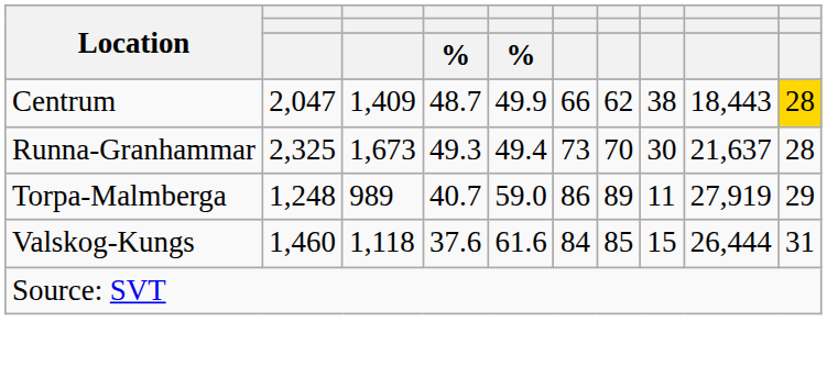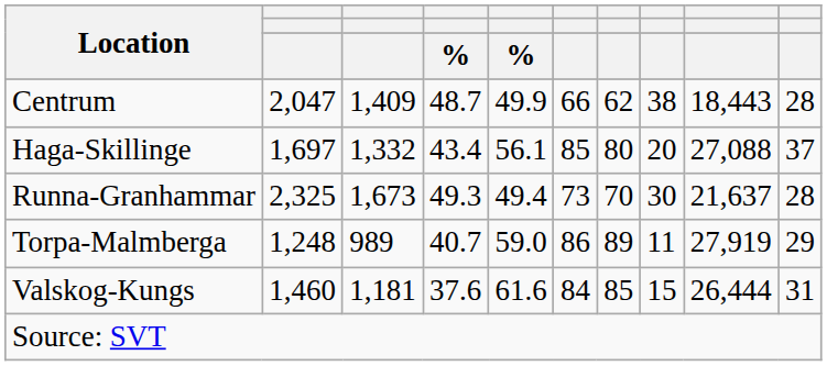 <table role="presentation" class="wikitable sortable mw-collapsible">
 <tr>
 <th rowspan="3">Location</th>
 <th></th>
 <th></th>
 <th></th>
 <th></th>
 <th></th>
 <th></th>
 <th></th>
 <th></th>
 <th></th>
 </tr>
 <tr>
 <th></th>
 <th></th>
 <th style="background:"></th>
 <th style="background:"></th>
 <th></th>
 <th></th>
 <th></th>
 <th></th>
 <th></th>
 </tr>
 <tr>
 <th data-sort-type="number"></th>
 <th data-sort-type="number"></th>
 <th data-sort-type="number">%</th>
 <th data-sort-type="number">%</th>
 <th data-sort-type="number"></th>
 <th data-sort-type="number"></th>
 <th data-sort-type="number"></th>
 <th data-sort-type="number"></th>
 <th data-sort-type="number"></th>
 </tr>
 <tr>
 <td align="left">Centrum</td>
 <td>2,047</td>
 <td>1,409</td>
 <td>48.7</td>
 <td>49.9</td>
 <td>66</td>
 <td>62</td>
 <td>38</td>
 <td>18,443</td>
-<td style="background: gold;">28</td>
+<td>28</td>
+</tr>
+<tr>
+<td align="left">Haga-Skillinge</td>
+<td>1,697</td>
+<td>1,332</td>
+<td>43.4</td>
+<td>56.1</td>
+<td>85</td>
+<td>80</td>
+<td>20</td>
+<td>27,088</td>
+<td>37</td>
 </tr>
 <tr>
 <td align="left">Runna-Granhammar</td>
 <td>2,325</td>
 <td>1,673</td>
 <td>49.3</td>
 <td>49.4</td>
 <td>73</td>
 <td>70</td>
 <td>30</td>
 <td>21,637</td>
 <td>28</td>
 </tr>
 <tr>
 <td align="left">Torpa-Malmberga</td>
 <td>1,248</td>
 <td>989</td>
 <td>40.7</td>
 <td>59.0</td>
 <td>86</td>
 <td>89</td>
 <td>11</td>
 <td>27,919</td>
 <td>29</td>
 </tr>
 <tr>
 <td align="left">Valskog-Kungs</td>
 <td>1,460</td>
-<td>1,118</td>
+<td>1,181</td>
 <td>37.6</td>
 <td>61.6</td>
 <td>84</td>
 <td>85</td>
 <td>15</td>
 <td>26,444</td>
 <td>31</td>
 </tr>
 <tr>
 <td colspan="10" align="left">Source: <a href='#'>SVT</a></td>
 </tr>
 </table>
